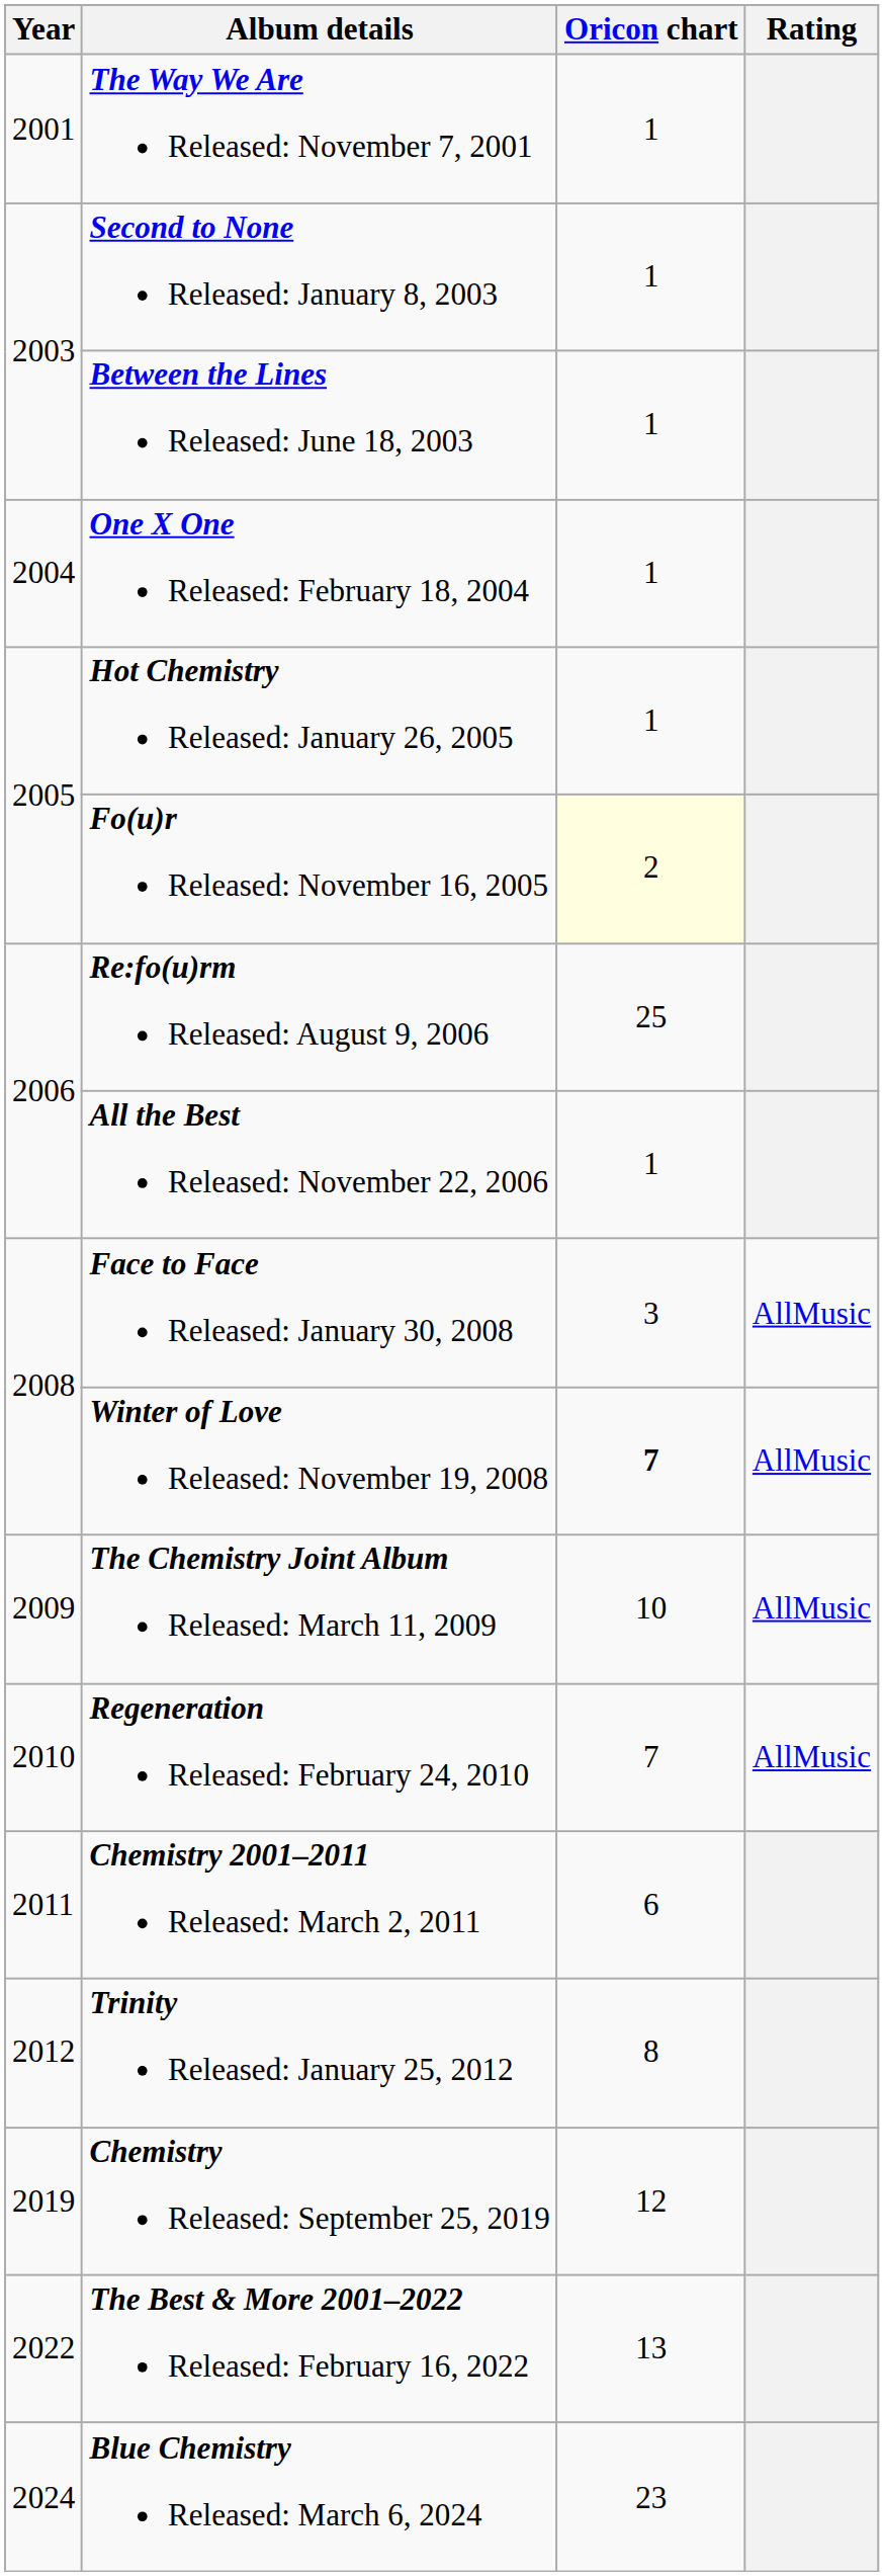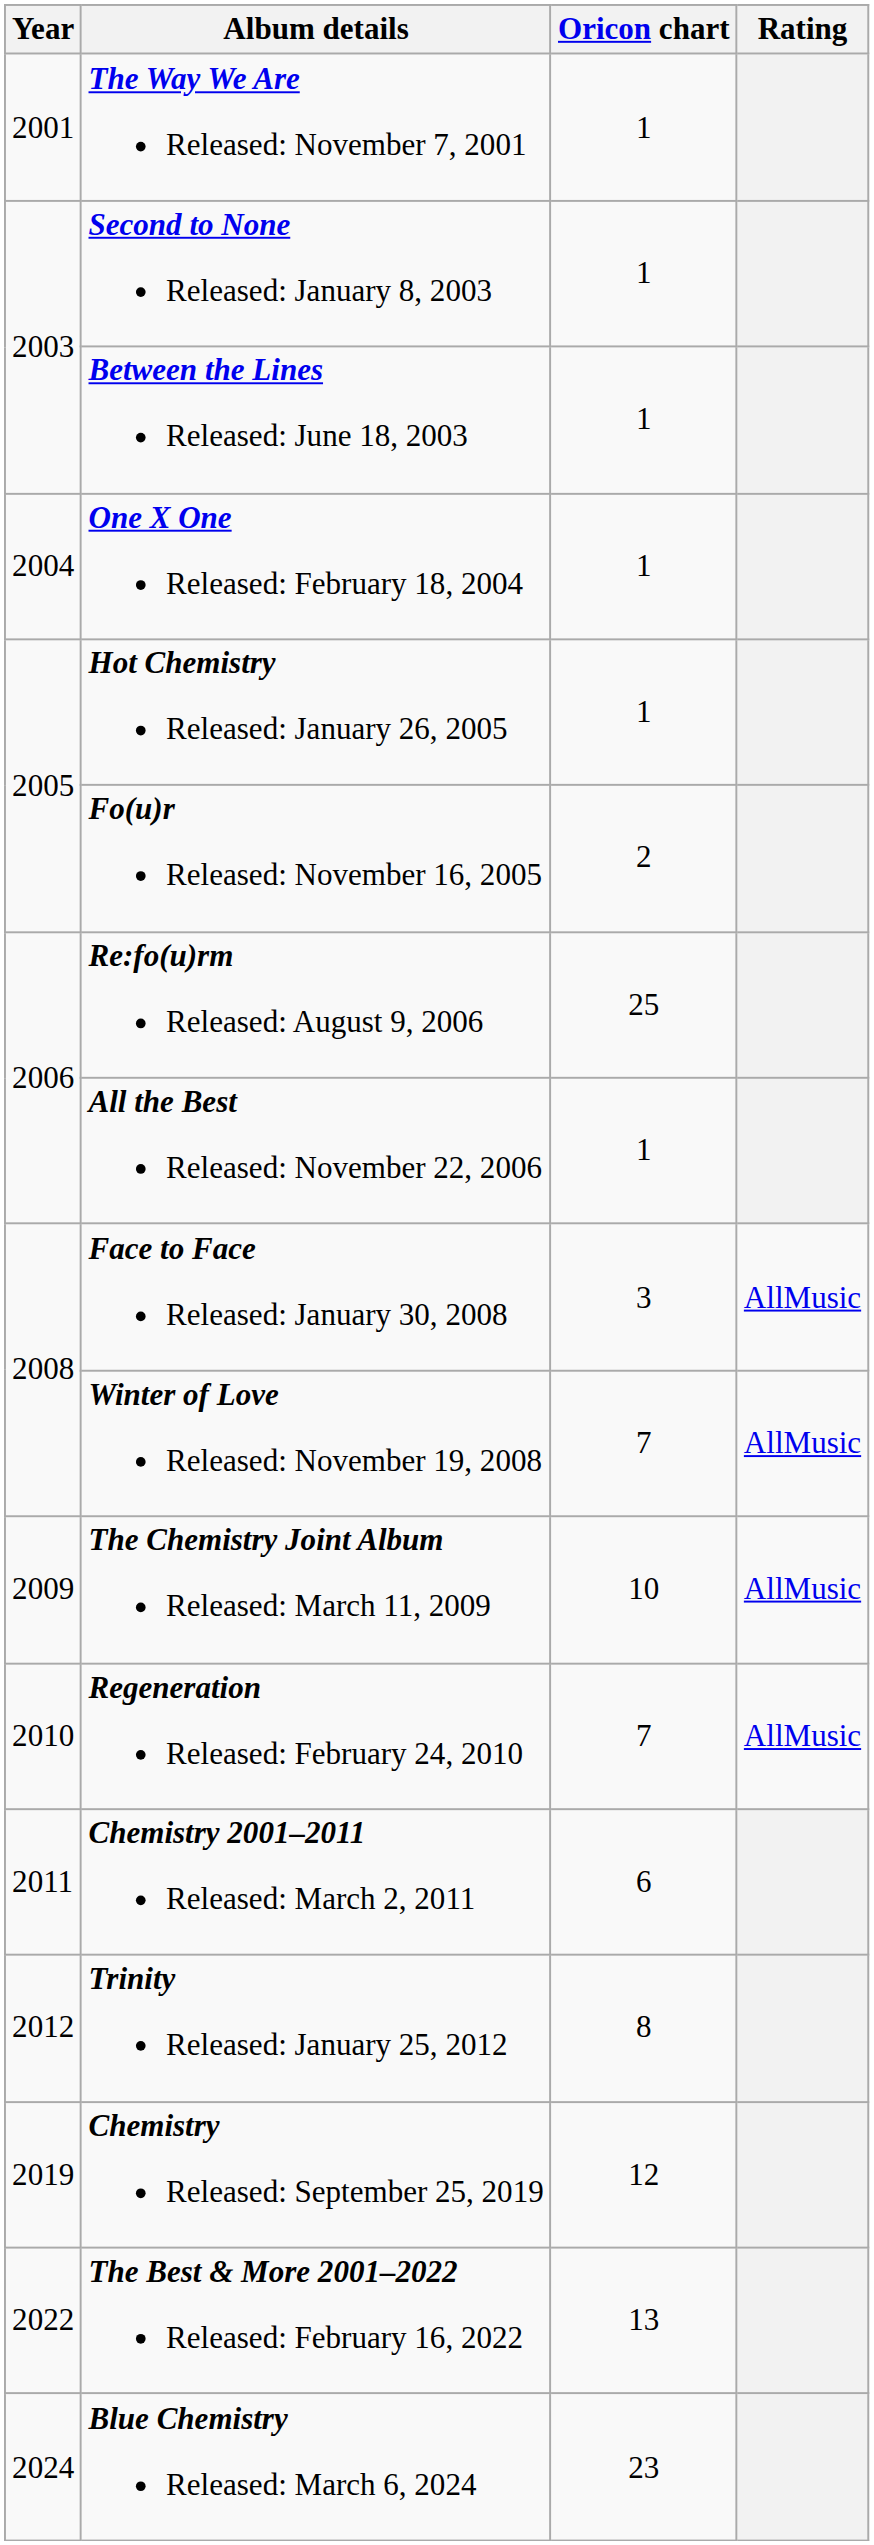 <table class="wikitable">
 <tr>
 <th>Year</th>
 <th>Album details</th>
 <th><a href='#'>Oricon</a> chart</th>
 <th>Rating</th>
 </tr>
 <tr>
 <td>2001</td>
 <td><strong><em><a href='#'>The Way We Are</a></em></strong><br><ul><li>Released: November 7, 2001</li></ul></td>
 <td align="center">1</td>
 <th></th>
 </tr>
 <tr>
 <td rowspan="2">2003</td>
 <td><strong><em><a href='#'>Second to None</a></em></strong><br><ul><li>Released: January 8, 2003</li></ul></td>
 <td align="center">1</td>
 <th></th>
 </tr>
 <tr>
 <td><strong><em><a href='#'>Between the Lines</a></em></strong><br><ul><li>Released: June 18, 2003</li></ul></td>
 <td align="center">1</td>
 <th></th>
 </tr>
 <tr>
 <td>2004</td>
 <td><strong><em><a href='#'>One X One</a></em></strong><br><ul><li>Released: February 18, 2004</li></ul></td>
 <td align="center">1</td>
 <th></th>
 </tr>
 <tr>
 <td rowspan="2">2005</td>
 <td><strong><em>Hot Chemistry</em></strong><br><ul><li>Released: January 26, 2005</li></ul></td>
 <td align="center">1</td>
 <th></th>
 </tr>
 <tr>
 <td><strong><em>Fo(u)r</em></strong><br><ul><li>Released: November 16, 2005</li></ul></td>
-<td align="center" style="background: lightyellow;">2</td>
+<td align="center">2</td>
 <th></th>
 </tr>
 <tr>
 <td rowspan="2">2006</td>
 <td><strong><em>Re:fo(u)rm</em></strong><br><ul><li>Released: August 9, 2006</li></ul></td>
 <td align="center">25</td>
 <th></th>
 </tr>
 <tr>
 <td><strong><em>All the Best</em></strong><br><ul><li>Released: November 22, 2006</li></ul></td>
 <td align="center">1</td>
 <th></th>
 </tr>
 <tr>
 <td rowspan="2">2008</td>
 <td><strong><em>Face to Face</em></strong><br><ul><li>Released: January 30, 2008</li></ul></td>
 <td align="center">3</td>
 <td><a href='#'>AllMusic</a> </td>
 </tr>
 <tr>
 <td><strong><em>Winter of Love</em></strong><br><ul><li>Released: November 19, 2008</li></ul></td>
-<td align="center"><strong>7</strong></td>
+<td align="center">7</td>
 <td><a href='#'>AllMusic</a> </td>
 </tr>
 <tr>
 <td>2009</td>
 <td><strong><em>The Chemistry Joint Album</em></strong><br><ul><li>Released: March 11, 2009</li></ul></td>
 <td align="center">10</td>
 <td><a href='#'>AllMusic</a> </td>
 </tr>
 <tr>
 <td>2010</td>
 <td><strong><em>Regeneration</em></strong><br><ul><li>Released: February 24, 2010</li></ul></td>
 <td align="center">7</td>
 <td><a href='#'>AllMusic</a> </td>
 </tr>
 <tr>
 <td>2011</td>
 <td><strong><em>Chemistry 2001–2011</em></strong><br><ul><li>Released: March 2, 2011</li></ul></td>
 <td align="center">6</td>
 <th></th>
 </tr>
 <tr>
 <td>2012</td>
 <td><strong><em>Trinity</em></strong><br><ul><li>Released: January 25, 2012</li></ul></td>
 <td align="center">8</td>
 <th></th>
 </tr>
 <tr>
 <td>2019</td>
 <td><strong><em>Chemistry</em></strong><br><ul><li>Released: September 25, 2019</li></ul></td>
 <td align="center">12</td>
 <th></th>
 </tr>
 <tr>
 <td>2022</td>
 <td><strong><em>The Best & More 2001–2022</em></strong><br><ul><li>Released: February 16, 2022</li></ul></td>
 <td align="center">13</td>
 <th></th>
 </tr>
 <tr>
 <td>2024</td>
 <td><strong><em>Blue Chemistry</em></strong><br><ul><li>Released: March 6, 2024</li></ul></td>
 <td align="center">23</td>
 <th></th>
 </tr>
 </table>
